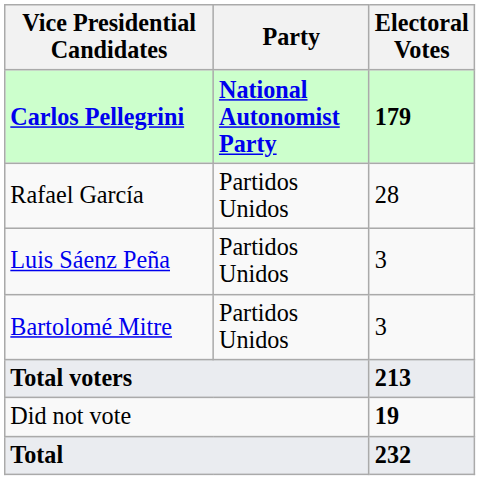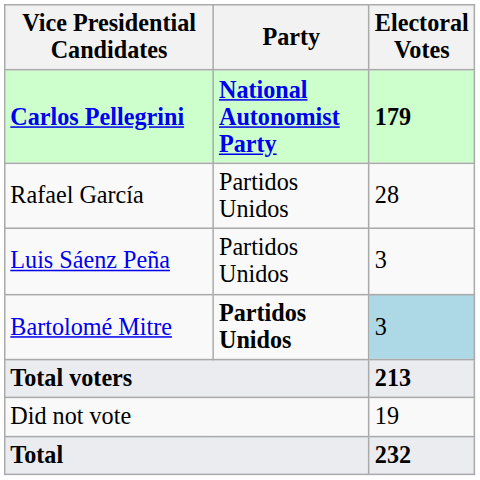 <table class="wikitable" width="50%">
 <tr>
 <th width="50%">Vice Presidential Candidates</th>
 <th width="35%">Party</th>
 <th width="15%">Electoral Votes</th>
 </tr>
 <tr style="background:#cfc;">
 <td><strong><a href='#'>Carlos Pellegrini</a></strong></td>
 <td><strong><a href='#'>National Autonomist Party</a></strong></td>
 <td><strong>179</strong></td>
 </tr>
 <tr>
 <td>Rafael García</td>
 <td>Partidos Unidos</td>
 <td>28</td>
 </tr>
 <tr>
 <td><a href='#'>Luis Sáenz Peña</a></td>
 <td>Partidos Unidos</td>
 <td>3</td>
 </tr>
 <tr>
 <td><a href='#'>Bartolomé Mitre</a></td>
-<td>Partidos Unidos</td>
-<td>3</td>
+<td><strong>Partidos Unidos</strong></td>
+<td style="background: lightblue;">3</td>
 </tr>
 <tr style="background:#EAECF0;">
 <td colspan=2><strong>Total voters</strong></td>
 <td><strong>213</strong></td>
 </tr>
 <tr>
 <td colspan=2>Did not vote</td>
-<td><strong>19</strong></td>
+<td>19</td>
 </tr>
 <tr style="background:#EAECF0;">
 <td colspan=2><strong>Total</strong></td>
 <td><strong>232</strong></td>
 </tr>
 </table>
